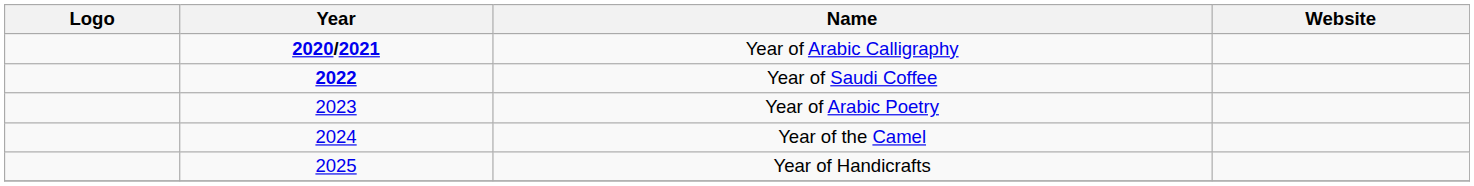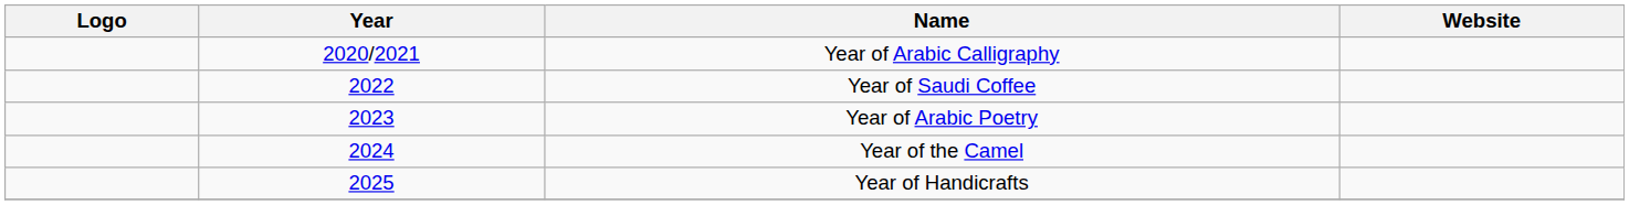 <table class="wikitable sortable" style="text-align:center; width:100%;">
 <tr>
 <th class="unsortable">Logo</th>
 <th>Year</th>
 <th>Name</th>
 <th class="unsortable">Website</th>
 </tr>
 <tr>
 <td></td>
-<td><strong><a href='#'>2020</a>/<a href='#'>2021</a></strong></td>
+<td><a href='#'>2020</a>/<a href='#'>2021</a></td>
 <td>Year of <a href='#'>Arabic Calligraphy</a></td>
 <td></td>
 </tr>
 <tr>
 <td></td>
-<td><strong><a href='#'>2022</a></strong></td>
+<td><a href='#'>2022</a></td>
 <td>Year of <a href='#'>Saudi Coffee</a></td>
 <td></td>
 </tr>
 <tr>
 <td></td>
 <td><a href='#'>2023</a></td>
 <td>Year of <a href='#'>Arabic Poetry</a></td>
 <td></td>
 </tr>
 <tr>
 <td></td>
 <td><a href='#'>2024</a></td>
 <td>Year of the <a href='#'>Camel</a></td>
 <td></td>
 </tr>
 <tr>
 <td></td>
 <td><a href='#'>2025</a></td>
 <td>Year of Handicrafts</td>
 <td></td>
 </tr>
 <tr>
 </tr>
 </table>
